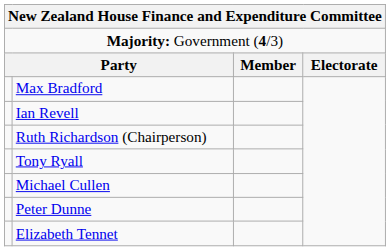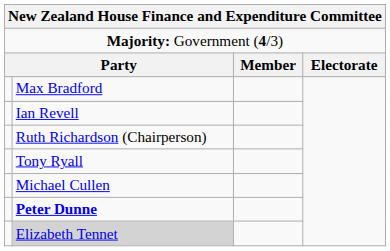 <table class="wikitable">
 <tr>
 <th colspan="4">New Zealand House Finance and Expenditure Committee</th>
 </tr>
 <tr>
 <td colspan="4" style="text-align:center; background:"><strong>Majority:</strong> Government (<strong>4</strong>/3)</td>
 </tr>
 <tr>
 <th colspan="2">Party</th>
 <th>Member</th>
 <th>Electorate</th>
 </tr>
 <tr>
 <td></td>
 <td><a href='#'>Max Bradford</a></td>
 <td></td>
 </tr>
 <tr>
 <td></td>
 <td><a href='#'>Ian Revell</a></td>
 <td></td>
 </tr>
 <tr>
 <td></td>
 <td><a href='#'>Ruth Richardson</a> (Chairperson)</td>
 <td></td>
 </tr>
 <tr>
 <td></td>
 <td><a href='#'>Tony Ryall</a></td>
 <td></td>
 </tr>
 <tr>
 <td></td>
 <td><a href='#'>Michael Cullen</a></td>
 <td></td>
 </tr>
 <tr>
 <td></td>
-<td><a href='#'>Peter Dunne</a></td>
+<td><strong><a href='#'>Peter Dunne</a></strong></td>
 <td></td>
 </tr>
 <tr>
 <td></td>
-<td><a href='#'>Elizabeth Tennet</a></td>
+<td style="background: lightgrey;"><a href='#'>Elizabeth Tennet</a></td>
 <td></td>
 </tr>
 </table>
